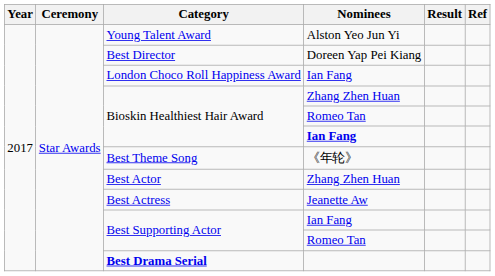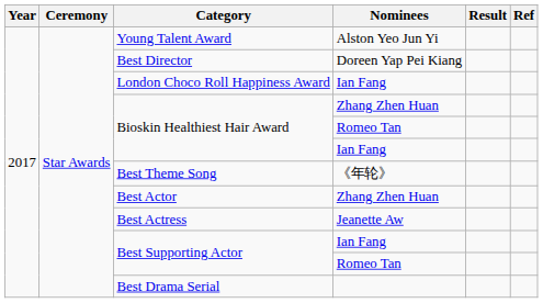 <table class="wikitable sortable">
 <tr>
 <th>Year</th>
 <th>Ceremony</th>
 <th>Category</th>
 <th>Nominees</th>
 <th>Result</th>
 <th>Ref</th>
 </tr>
 <tr>
 <td rowspan="12">2017</td>
 <td rowspan="12"><a href='#'>Star Awards</a></td>
 <td><a href='#'>Young Talent Award</a></td>
 <td>Alston Yeo Jun Yi</td>
 <td></td>
 <td></td>
 </tr>
 <tr>
 <td><a href='#'>Best Director</a></td>
 <td>Doreen Yap Pei Kiang</td>
 <td></td>
 <td></td>
 </tr>
 <tr>
 <td><a href='#'>London Choco Roll Happiness Award</a></td>
 <td><a href='#'>Ian Fang</a></td>
 <td></td>
 <td></td>
 </tr>
 <tr>
 <td rowspan="3">Bioskin Healthiest Hair Award</td>
 <td><a href='#'>Zhang Zhen Huan</a></td>
 <td></td>
 <td></td>
 </tr>
 <tr>
 <td><a href='#'>Romeo Tan</a></td>
 <td></td>
 <td></td>
 </tr>
 <tr>
-<td><strong><a href='#'>Ian Fang</a></strong></td>
+<td><a href='#'>Ian Fang</a></td>
 <td></td>
 <td></td>
 </tr>
 <tr>
 <td><a href='#'>Best Theme Song</a></td>
 <td>《年轮》</td>
 <td></td>
 <td></td>
 </tr>
 <tr>
 <td><a href='#'>Best Actor</a></td>
 <td><a href='#'>Zhang Zhen Huan</a></td>
 <td></td>
 <td></td>
 </tr>
 <tr>
 <td><a href='#'>Best Actress</a></td>
 <td><a href='#'>Jeanette Aw</a></td>
 <td></td>
 <td></td>
 </tr>
 <tr>
 <td rowspan="2"><a href='#'>Best Supporting Actor</a></td>
 <td><a href='#'>Ian Fang</a></td>
 <td></td>
 <td></td>
 </tr>
 <tr>
 <td><a href='#'>Romeo Tan</a></td>
 <td></td>
 <td></td>
 </tr>
 <tr>
-<td><strong><a href='#'>Best Drama Serial</a></strong></td>
+<td><a href='#'>Best Drama Serial</a></td>
 <td></td>
 <td></td>
 <td></td>
 </tr>
 </table>
